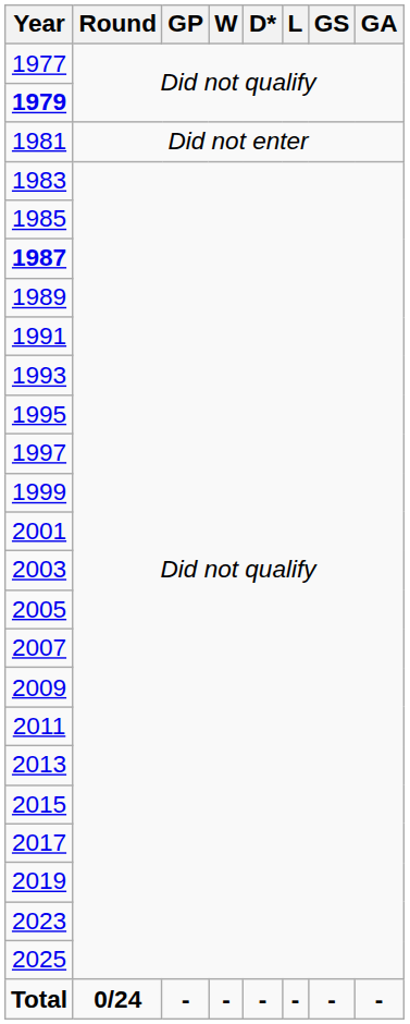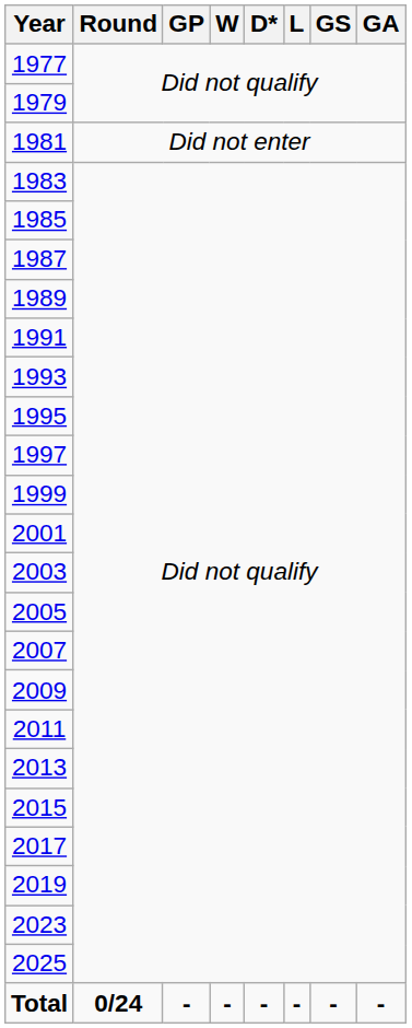 <table class="wikitable" style="text-align: center;">
 <tr>
 <th>Year</th>
 <th>Round</th>
 <th>GP</th>
 <th>W</th>
 <th>D*</th>
 <th>L</th>
 <th>GS</th>
 <th>GA</th>
 </tr>
 <tr>
 <td> <a href='#'>1977</a></td>
 <td rowspan=2 colspan=8><em>Did not qualify</em></td>
 </tr>
 <tr>
-<td><strong> <a href='#'>1979</a></strong></td>
+<td> <a href='#'>1979</a></td>
 </tr>
 <tr>
 <td> <a href='#'>1981</a></td>
 <td colspan=8><em>Did not enter</em></td>
 </tr>
 <tr>
 <td> <a href='#'>1983</a></td>
 <td rowspan=21 colspan=8><em>Did not qualify</em></td>
 </tr>
 <tr>
 <td> <a href='#'>1985</a></td>
 </tr>
 <tr>
-<td><strong> <a href='#'>1987</a></strong></td>
+<td> <a href='#'>1987</a></td>
 </tr>
 <tr>
 <td> <a href='#'>1989</a></td>
 </tr>
 <tr>
 <td> <a href='#'>1991</a></td>
 </tr>
 <tr>
 <td> <a href='#'>1993</a></td>
 </tr>
 <tr>
 <td> <a href='#'>1995</a></td>
 </tr>
 <tr>
 <td> <a href='#'>1997</a></td>
 </tr>
 <tr>
 <td> <a href='#'>1999</a></td>
 </tr>
 <tr>
 <td> <a href='#'>2001</a></td>
 </tr>
 <tr>
 <td> <a href='#'>2003</a></td>
 </tr>
 <tr>
 <td> <a href='#'>2005</a></td>
 </tr>
 <tr>
 <td> <a href='#'>2007</a></td>
 </tr>
 <tr>
 <td> <a href='#'>2009</a></td>
 </tr>
 <tr>
 <td> <a href='#'>2011</a></td>
 </tr>
 <tr>
 <td> <a href='#'>2013</a></td>
 </tr>
 <tr>
 <td> <a href='#'>2015</a></td>
 </tr>
 <tr>
 <td> <a href='#'>2017</a></td>
 </tr>
 <tr>
 <td> <a href='#'>2019</a></td>
 </tr>
 <tr>
 <td> <a href='#'>2023</a></td>
 </tr>
 <tr>
 <td> <a href='#'>2025</a></td>
 </tr>
 <tr>
 <td><strong>Total</strong></td>
 <td><strong>0/24</strong></td>
 <td><strong>-</strong></td>
 <td><strong>-</strong></td>
 <td><strong>-</strong></td>
 <td><strong>-</strong></td>
 <td><strong>-</strong></td>
 <td><strong>-</strong></td>
 </tr>
 </table>
